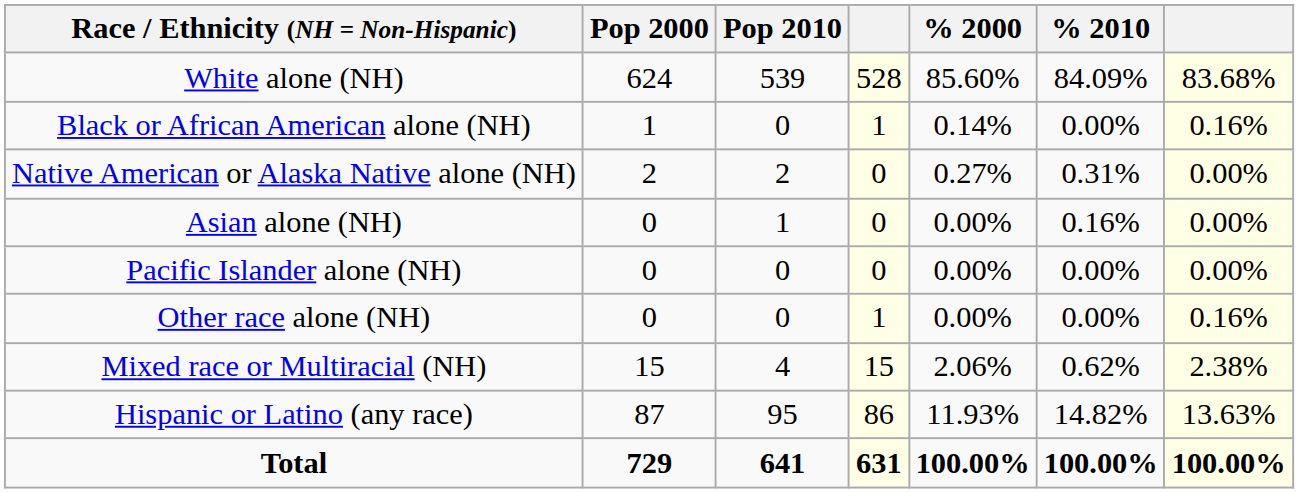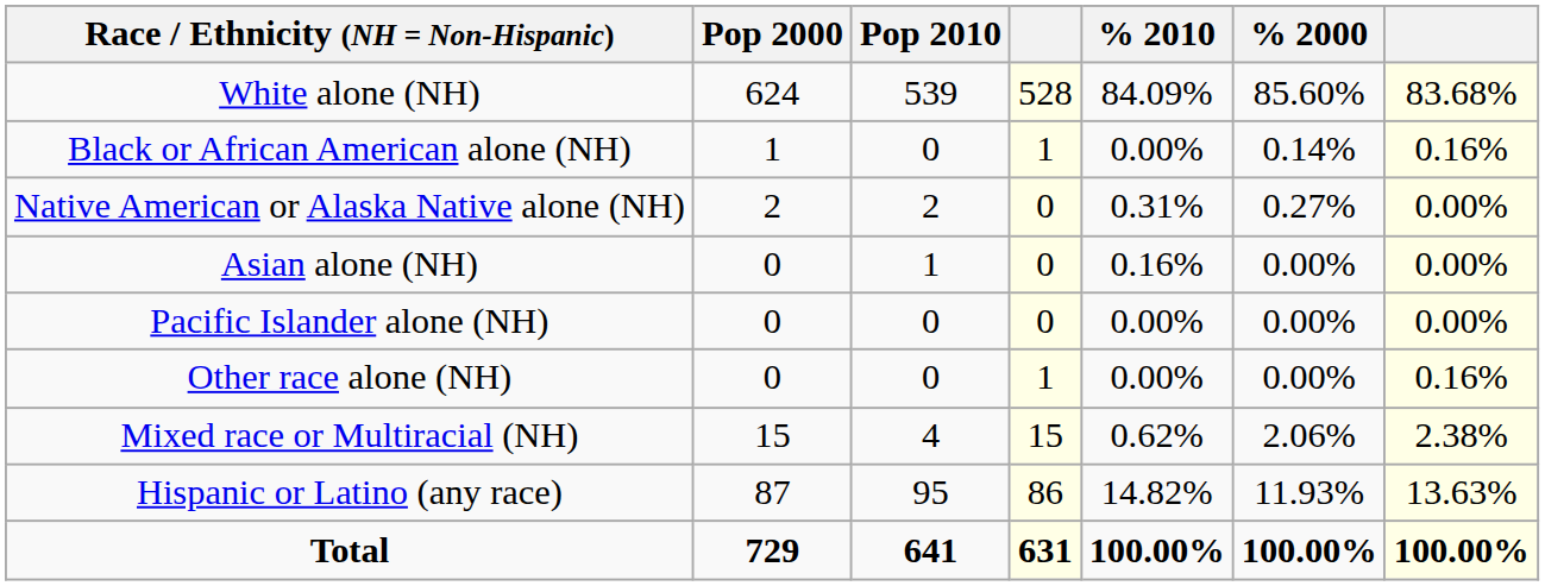 <table class="wikitable" style="text-align:center;">
 <tr>
 <th>Race / Ethnicity <small>(<em>NH = Non-Hispanic</em>)</small></th>
 <th>Pop 2000</th>
 <th>Pop 2010</th>
 <th></th>
+<th>% 2010</th>
 <th>% 2000</th>
-<th>% 2010</th>
 <th></th>
 </tr>
 <tr>
 <td><a href='#'>White</a> alone (NH)</td>
 <td>624</td>
 <td>539</td>
 <td style='background: #ffffe6;'>528</td>
+<td>84.09%</td>
 <td>85.60%</td>
-<td>84.09%</td>
 <td style='background: #ffffe6;'>83.68%</td>
 </tr>
 <tr>
 <td><a href='#'>Black or African American</a> alone (NH)</td>
 <td>1</td>
 <td>0</td>
 <td style='background: #ffffe6;'>1</td>
+<td>0.00%</td>
 <td>0.14%</td>
-<td>0.00%</td>
 <td style='background: #ffffe6;'>0.16%</td>
 </tr>
 <tr>
 <td><a href='#'>Native American</a> or <a href='#'>Alaska Native</a> alone (NH)</td>
 <td>2</td>
 <td>2</td>
 <td style='background: #ffffe6;'>0</td>
+<td>0.31%</td>
 <td>0.27%</td>
-<td>0.31%</td>
 <td style='background: #ffffe6;'>0.00%</td>
 </tr>
 <tr>
 <td><a href='#'>Asian</a> alone (NH)</td>
 <td>0</td>
 <td>1</td>
 <td style='background: #ffffe6;'>0</td>
+<td>0.16%</td>
 <td>0.00%</td>
-<td>0.16%</td>
 <td style='background: #ffffe6;'>0.00%</td>
 </tr>
 <tr>
 <td><a href='#'>Pacific Islander</a> alone (NH)</td>
 <td>0</td>
 <td>0</td>
 <td style='background: #ffffe6;'>0</td>
 <td>0.00%</td>
 <td>0.00%</td>
 <td style='background: #ffffe6;'>0.00%</td>
 </tr>
 <tr>
 <td><a href='#'>Other race</a> alone (NH)</td>
 <td>0</td>
 <td>0</td>
 <td style='background: #ffffe6;'>1</td>
 <td>0.00%</td>
 <td>0.00%</td>
 <td style='background: #ffffe6;'>0.16%</td>
 </tr>
 <tr>
 <td><a href='#'>Mixed race or Multiracial</a> (NH)</td>
 <td>15</td>
 <td>4</td>
 <td style='background: #ffffe6;'>15</td>
+<td>0.62%</td>
 <td>2.06%</td>
-<td>0.62%</td>
 <td style='background: #ffffe6;'>2.38%</td>
 </tr>
 <tr>
 <td><a href='#'>Hispanic or Latino</a> (any race)</td>
 <td>87</td>
 <td>95</td>
 <td style='background: #ffffe6;'>86</td>
+<td>14.82%</td>
 <td>11.93%</td>
-<td>14.82%</td>
 <td style='background: #ffffe6;'>13.63%</td>
 </tr>
 <tr>
 <td><strong>Total</strong></td>
 <td><strong>729</strong></td>
 <td><strong>641</strong></td>
 <td style='background: #ffffe6;'><strong>631</strong></td>
 <td><strong>100.00%</strong></td>
 <td><strong>100.00%</strong></td>
 <td style='background: #ffffe6;'><strong>100.00%</strong></td>
 </tr>
 </table>
